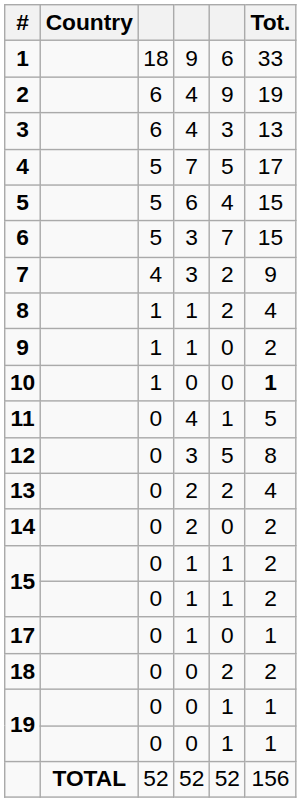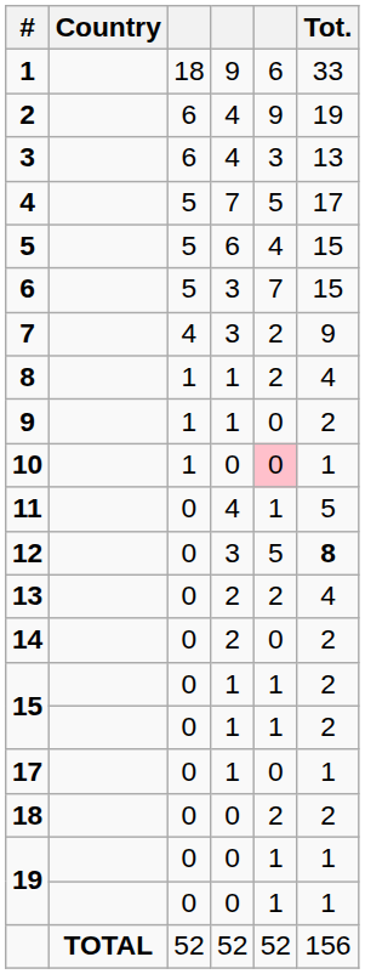 <table class="wikitable" width=30% style="font-size:100%; text-align:center;">
 <tr>
 <th>#</th>
 <th>Country</th>
 <th></th>
 <th></th>
 <th></th>
 <th>Tot.</th>
 </tr>
 <tr>
 <td><strong>1</strong></td>
 <td align=left></td>
 <td>18</td>
 <td>9</td>
 <td>6</td>
 <td>33</td>
 </tr>
 <tr>
 <td><strong>2</strong></td>
 <td align=left></td>
 <td>6</td>
 <td>4</td>
 <td>9</td>
 <td>19</td>
 </tr>
 <tr>
 <td><strong>3</strong></td>
 <td align=left></td>
 <td>6</td>
 <td>4</td>
 <td>3</td>
 <td>13</td>
 </tr>
 <tr>
 <td><strong>4</strong></td>
 <td align=left></td>
 <td>5</td>
 <td>7</td>
 <td>5</td>
 <td>17</td>
 </tr>
 <tr>
 <td><strong>5</strong></td>
 <td align=left></td>
 <td>5</td>
 <td>6</td>
 <td>4</td>
 <td>15</td>
 </tr>
 <tr>
 <td><strong>6</strong></td>
 <td align=left></td>
 <td>5</td>
 <td>3</td>
 <td>7</td>
 <td>15</td>
 </tr>
 <tr>
 <td><strong>7</strong></td>
 <td align=left></td>
 <td>4</td>
 <td>3</td>
 <td>2</td>
 <td>9</td>
 </tr>
 <tr>
 <td><strong>8</strong></td>
 <td align=left></td>
 <td>1</td>
 <td>1</td>
 <td>2</td>
 <td>4</td>
 </tr>
 <tr>
 <td><strong>9</strong></td>
 <td align=left></td>
 <td>1</td>
 <td>1</td>
 <td>0</td>
 <td>2</td>
 </tr>
 <tr>
 <td><strong>10</strong></td>
 <td align=left></td>
 <td>1</td>
 <td>0</td>
-<td>0</td>
-<td><strong>1</strong></td>
+<td style="background: pink;">0</td>
+<td>1</td>
 </tr>
 <tr>
 <td><strong>11</strong></td>
 <td align=left></td>
 <td>0</td>
 <td>4</td>
 <td>1</td>
 <td>5</td>
 </tr>
 <tr>
 <td><strong>12</strong></td>
 <td align=left></td>
 <td>0</td>
 <td>3</td>
 <td>5</td>
-<td>8</td>
+<td><strong>8</strong></td>
 </tr>
 <tr>
 <td><strong>13</strong></td>
 <td align=left></td>
 <td>0</td>
 <td>2</td>
 <td>2</td>
 <td>4</td>
 </tr>
 <tr>
 <td><strong>14</strong></td>
 <td align=left></td>
 <td>0</td>
 <td>2</td>
 <td>0</td>
 <td>2</td>
 </tr>
 <tr>
 <td rowspan=2><strong>15</strong></td>
 <td align=left></td>
 <td>0</td>
 <td>1</td>
 <td>1</td>
 <td>2</td>
 </tr>
 <tr>
 <td align=left></td>
 <td>0</td>
 <td>1</td>
 <td>1</td>
 <td>2</td>
 </tr>
 <tr>
 <td><strong>17</strong></td>
 <td align=left></td>
 <td>0</td>
 <td>1</td>
 <td>0</td>
 <td>1</td>
 </tr>
 <tr>
 <td><strong>18</strong></td>
 <td align=left></td>
 <td>0</td>
 <td>0</td>
 <td>2</td>
 <td>2</td>
 </tr>
 <tr>
 <td rowspan=2><strong>19</strong></td>
 <td align=left></td>
 <td>0</td>
 <td>0</td>
 <td>1</td>
 <td>1</td>
 </tr>
 <tr>
 <td align=left></td>
 <td>0</td>
 <td>0</td>
 <td>1</td>
 <td>1</td>
 </tr>
 <tr>
 <td></td>
 <td><strong>TOTAL</strong></td>
 <td>52</td>
 <td>52</td>
 <td>52</td>
 <td>156</td>
 </tr>
 </table>
